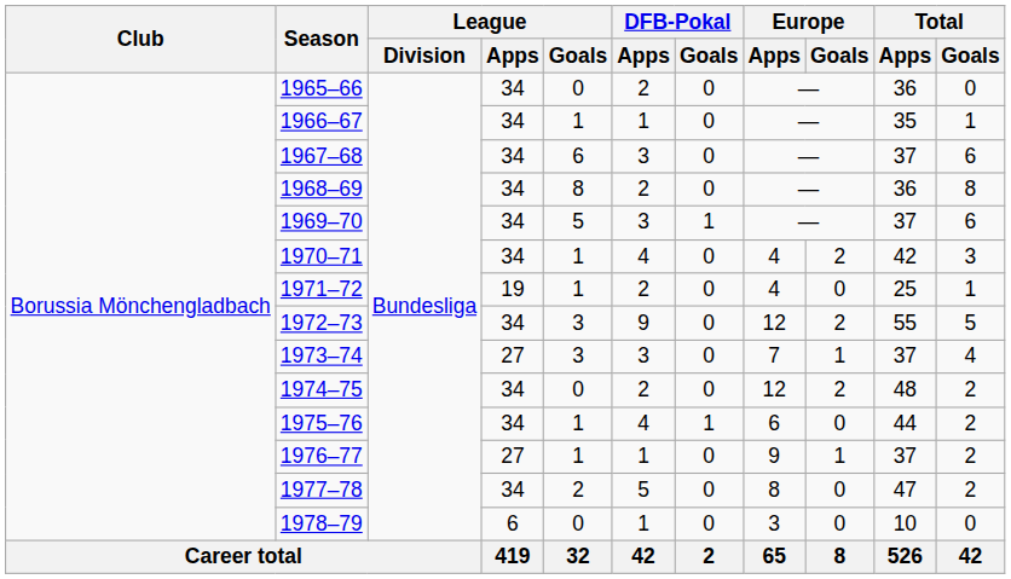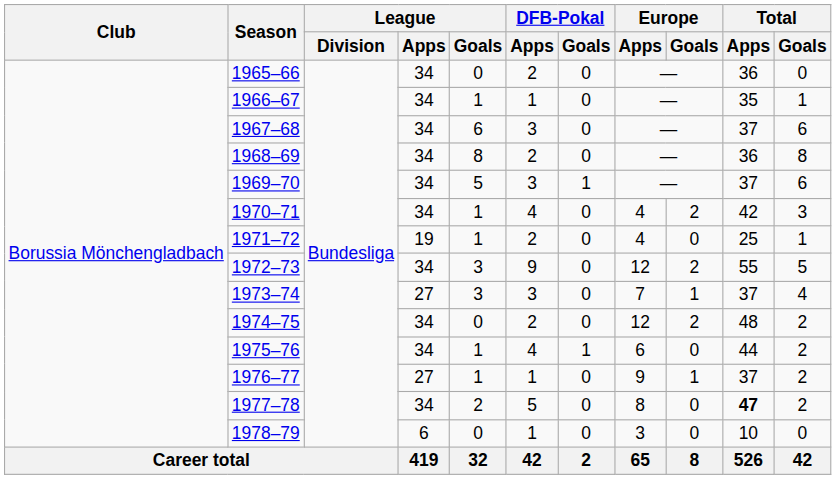 <table class="wikitable" style="text-align:center">
 <tr>
 <th rowspan="2">Club</th>
 <th rowspan="2">Season</th>
 <th colspan="3">League</th>
 <th colspan="2"><a href='#'>DFB-Pokal</a></th>
 <th colspan="2">Europe</th>
 <th colspan="2">Total</th>
 </tr>
 <tr>
 <th>Division</th>
 <th>Apps</th>
 <th>Goals</th>
 <th>Apps</th>
 <th>Goals</th>
 <th>Apps</th>
 <th>Goals</th>
 <th>Apps</th>
 <th>Goals</th>
 </tr>
 <tr>
 <td rowspan="14"><a href='#'>Borussia Mönchengladbach</a></td>
 <td><a href='#'>1965–66</a></td>
 <td rowspan="14"><a href='#'>Bundesliga</a></td>
 <td>34</td>
 <td>0</td>
 <td>2</td>
 <td>0</td>
 <td colspan="2">—</td>
 <td>36</td>
 <td>0</td>
 </tr>
 <tr>
 <td><a href='#'>1966–67</a></td>
 <td>34</td>
 <td>1</td>
 <td>1</td>
 <td>0</td>
 <td colspan="2">—</td>
 <td>35</td>
 <td>1</td>
 </tr>
 <tr>
 <td><a href='#'>1967–68</a></td>
 <td>34</td>
 <td>6</td>
 <td>3</td>
 <td>0</td>
 <td colspan="2">—</td>
 <td>37</td>
 <td>6</td>
 </tr>
 <tr>
 <td><a href='#'>1968–69</a></td>
 <td>34</td>
 <td>8</td>
 <td>2</td>
 <td>0</td>
 <td colspan="2">—</td>
 <td>36</td>
 <td>8</td>
 </tr>
 <tr>
 <td><a href='#'>1969–70</a></td>
 <td>34</td>
 <td>5</td>
 <td>3</td>
 <td>1</td>
 <td colspan="2">—</td>
 <td>37</td>
 <td>6</td>
 </tr>
 <tr>
 <td><a href='#'>1970–71</a></td>
 <td>34</td>
 <td>1</td>
 <td>4</td>
 <td>0</td>
 <td>4</td>
 <td>2</td>
 <td>42</td>
 <td>3</td>
 </tr>
 <tr>
 <td><a href='#'>1971–72</a></td>
 <td>19</td>
 <td>1</td>
 <td>2</td>
 <td>0</td>
 <td>4</td>
 <td>0</td>
 <td>25</td>
 <td>1</td>
 </tr>
 <tr>
 <td><a href='#'>1972–73</a></td>
 <td>34</td>
 <td>3</td>
 <td>9</td>
 <td>0</td>
 <td>12</td>
 <td>2</td>
 <td>55</td>
 <td>5</td>
 </tr>
 <tr>
 <td><a href='#'>1973–74</a></td>
 <td>27</td>
 <td>3</td>
 <td>3</td>
 <td>0</td>
 <td>7</td>
 <td>1</td>
 <td>37</td>
 <td>4</td>
 </tr>
 <tr>
 <td><a href='#'>1974–75</a></td>
 <td>34</td>
 <td>0</td>
 <td>2</td>
 <td>0</td>
 <td>12</td>
 <td>2</td>
 <td>48</td>
 <td>2</td>
 </tr>
 <tr>
 <td><a href='#'>1975–76</a></td>
 <td>34</td>
 <td>1</td>
 <td>4</td>
 <td>1</td>
 <td>6</td>
 <td>0</td>
 <td>44</td>
 <td>2</td>
 </tr>
 <tr>
 <td><a href='#'>1976–77</a></td>
 <td>27</td>
 <td>1</td>
 <td>1</td>
 <td>0</td>
 <td>9</td>
 <td>1</td>
 <td>37</td>
 <td>2</td>
 </tr>
 <tr>
 <td><a href='#'>1977–78</a></td>
 <td>34</td>
 <td>2</td>
 <td>5</td>
 <td>0</td>
 <td>8</td>
 <td>0</td>
-<td>47</td>
+<td><strong>47</strong></td>
 <td>2</td>
 </tr>
 <tr>
 <td><a href='#'>1978–79</a></td>
 <td>6</td>
 <td>0</td>
 <td>1</td>
 <td>0</td>
 <td>3</td>
 <td>0</td>
 <td>10</td>
 <td>0</td>
 </tr>
 <tr>
 <th colspan="3">Career total</th>
 <th>419</th>
 <th>32</th>
 <th>42</th>
 <th>2</th>
 <th>65</th>
 <th>8</th>
 <th>526</th>
 <th>42</th>
 </tr>
 </table>
